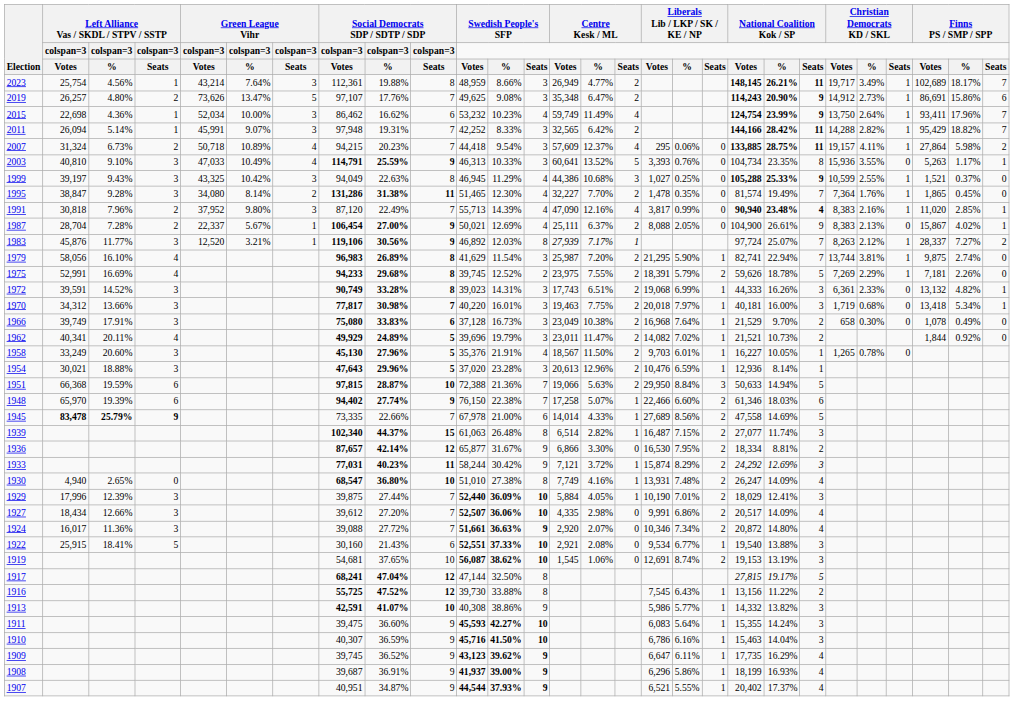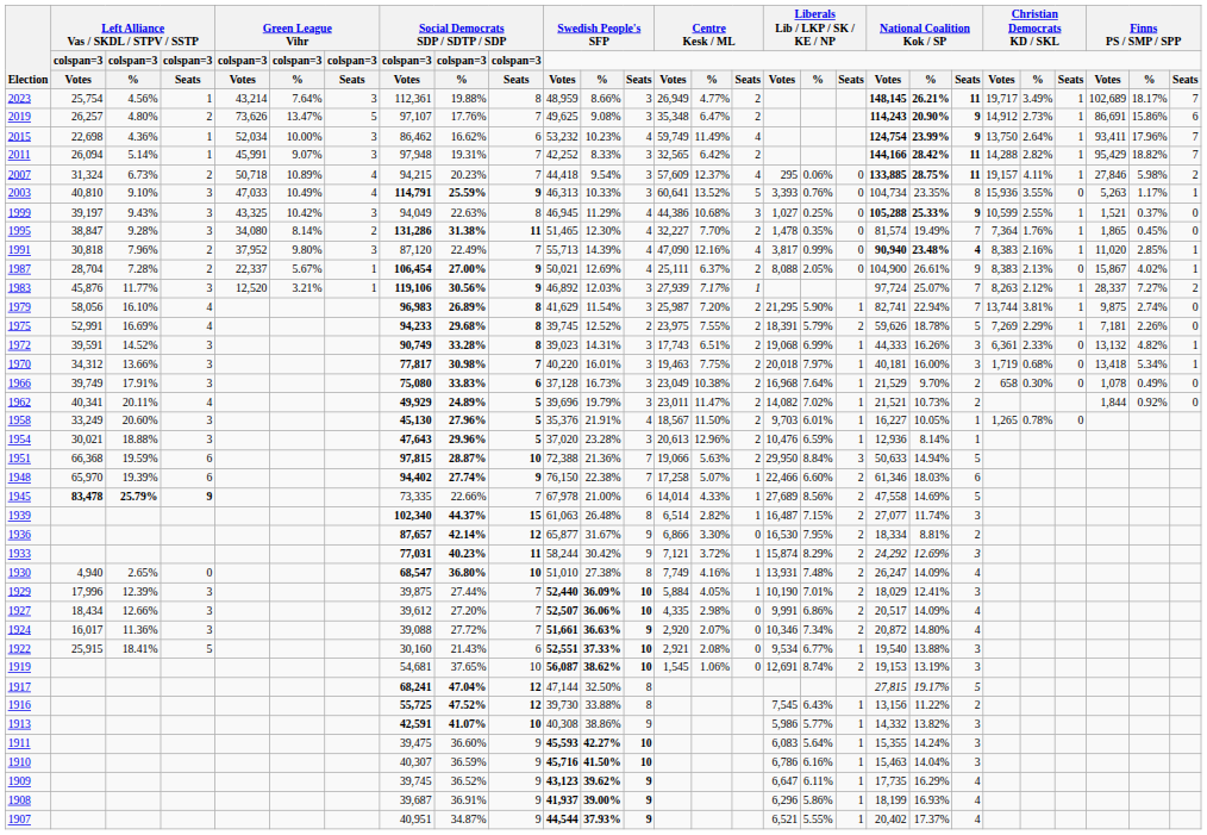 <table class="wikitable" border="1" style="font-size:85%; text-align:right;">
 <tr>
 <th style="text-align:left;" valign=bottom rowspan=3>Election</th>
 <th valign=bottom colspan=3><a href='#'>Left Alliance</a><br>Vas / SKDL / STPV / SSTP</th>
 <th valign=bottom colspan=3><a href='#'>Green League</a><br>Vihr</th>
 <th valign=bottom colspan=3><a href='#'>Social Democrats</a><br>SDP / SDTP / SDP</th>
 <th valign=bottom colspan=3><a href='#'>Swedish People's</a><br>SFP</th>
 <th valign=bottom colspan=3><a href='#'>Centre</a><br>Kesk / ML</th>
 <th valign=bottom colspan=3><a href='#'>Liberals</a><br>Lib / LKP / SK / KE / NP</th>
 <th valign=bottom colspan=3><a href='#'>National Coalition</a><br>Kok / SP</th>
 <th valign=bottom colspan=3><a href='#'>Christian Democrats</a><br>KD / SKL</th>
 <th valign=bottom colspan=3><a href='#'>Finns</a><br>PS / SMP / SPP</th>
 </tr>
 <tr>
 <th>colspan=3 </th>
 <th>colspan=3 </th>
 <th>colspan=3 </th>
 <th>colspan=3 </th>
 <th>colspan=3 </th>
 <th>colspan=3 </th>
 <th>colspan=3 </th>
 <th>colspan=3 </th>
 <th>colspan=3 </th>
 </tr>
 <tr>
 <th>Votes</th>
 <th>%</th>
 <th>Seats</th>
 <th>Votes</th>
 <th>%</th>
 <th>Seats</th>
 <th>Votes</th>
 <th>%</th>
 <th>Seats</th>
 <th>Votes</th>
 <th>%</th>
 <th>Seats</th>
 <th>Votes</th>
 <th>%</th>
 <th>Seats</th>
 <th>Votes</th>
 <th>%</th>
 <th>Seats</th>
 <th>Votes</th>
 <th>%</th>
 <th>Seats</th>
 <th>Votes</th>
 <th>%</th>
 <th>Seats</th>
 <th>Votes</th>
 <th>%</th>
 <th>Seats</th>
 </tr>
 <tr>
 <td align=left><a href='#'>2023</a></td>
 <td>25,754</td>
 <td>4.56%</td>
 <td>1</td>
 <td>43,214</td>
 <td>7.64%</td>
 <td>3</td>
 <td>112,361</td>
 <td>19.88%</td>
 <td>8</td>
 <td>48,959</td>
 <td>8.66%</td>
 <td>3</td>
 <td>26,949</td>
 <td>4.77%</td>
 <td>2</td>
 <td></td>
 <td></td>
 <td></td>
 <td><strong>148,145</strong></td>
 <td><strong>26.21%</strong></td>
 <td><strong>11</strong></td>
 <td>19,717</td>
 <td>3.49%</td>
 <td>1</td>
 <td>102,689</td>
 <td>18.17%</td>
 <td>7</td>
 </tr>
 <tr>
 <td align=left><a href='#'>2019</a></td>
 <td>26,257</td>
 <td>4.80%</td>
 <td>2</td>
 <td>73,626</td>
 <td>13.47%</td>
 <td>5</td>
 <td>97,107</td>
 <td>17.76%</td>
 <td>7</td>
 <td>49,625</td>
 <td>9.08%</td>
 <td>3</td>
 <td>35,348</td>
 <td>6.47%</td>
 <td>2</td>
 <td></td>
 <td></td>
 <td></td>
 <td><strong>114,243</strong></td>
 <td><strong>20.90%</strong></td>
 <td><strong>9</strong></td>
 <td>14,912</td>
 <td>2.73%</td>
 <td>1</td>
 <td>86,691</td>
 <td>15.86%</td>
 <td>6</td>
 </tr>
 <tr>
 <td align=left><a href='#'>2015</a></td>
 <td>22,698</td>
 <td>4.36%</td>
 <td>1</td>
 <td>52,034</td>
 <td>10.00%</td>
 <td>3</td>
 <td>86,462</td>
 <td>16.62%</td>
 <td>6</td>
 <td>53,232</td>
 <td>10.23%</td>
 <td>4</td>
 <td>59,749</td>
 <td>11.49%</td>
 <td>4</td>
 <td></td>
 <td></td>
 <td></td>
 <td><strong>124,754</strong></td>
 <td><strong>23.99%</strong></td>
 <td><strong>9</strong></td>
 <td>13,750</td>
 <td>2.64%</td>
 <td>1</td>
 <td>93,411</td>
 <td>17.96%</td>
 <td>7</td>
 </tr>
 <tr>
 <td align=left><a href='#'>2011</a></td>
 <td>26,094</td>
 <td>5.14%</td>
 <td>1</td>
 <td>45,991</td>
 <td>9.07%</td>
 <td>3</td>
 <td>97,948</td>
 <td>19.31%</td>
 <td>7</td>
 <td>42,252</td>
 <td>8.33%</td>
 <td>3</td>
 <td>32,565</td>
 <td>6.42%</td>
 <td>2</td>
 <td></td>
 <td></td>
 <td></td>
 <td><strong>144,166</strong></td>
 <td><strong>28.42%</strong></td>
 <td><strong>11</strong></td>
 <td>14,288</td>
 <td>2.82%</td>
 <td>1</td>
 <td>95,429</td>
 <td>18.82%</td>
 <td>7</td>
 </tr>
 <tr>
 <td align=left><a href='#'>2007</a></td>
 <td>31,324</td>
 <td>6.73%</td>
 <td>2</td>
 <td>50,718</td>
 <td>10.89%</td>
 <td>4</td>
 <td>94,215</td>
 <td>20.23%</td>
 <td>7</td>
 <td>44,418</td>
 <td>9.54%</td>
 <td>3</td>
 <td>57,609</td>
 <td>12.37%</td>
 <td>4</td>
 <td>295</td>
 <td>0.06%</td>
 <td>0</td>
 <td><strong>133,885</strong></td>
 <td><strong>28.75%</strong></td>
 <td><strong>11</strong></td>
 <td>19,157</td>
 <td>4.11%</td>
 <td>1</td>
-<td>27,864</td>
+<td>27,846</td>
 <td>5.98%</td>
 <td>2</td>
 </tr>
 <tr>
 <td align=left><a href='#'>2003</a></td>
 <td>40,810</td>
 <td>9.10%</td>
 <td>3</td>
 <td>47,033</td>
 <td>10.49%</td>
 <td>4</td>
 <td><strong>114,791</strong></td>
 <td><strong>25.59%</strong></td>
 <td><strong>9</strong></td>
 <td>46,313</td>
 <td>10.33%</td>
 <td>3</td>
 <td>60,641</td>
 <td>13.52%</td>
 <td>5</td>
 <td>3,393</td>
 <td>0.76%</td>
 <td>0</td>
 <td>104,734</td>
 <td>23.35%</td>
 <td>8</td>
 <td>15,936</td>
 <td>3.55%</td>
 <td>0</td>
 <td>5,263</td>
 <td>1.17%</td>
 <td>1</td>
 </tr>
 <tr>
 <td align=left><a href='#'>1999</a></td>
 <td>39,197</td>
 <td>9.43%</td>
 <td>3</td>
 <td>43,325</td>
 <td>10.42%</td>
 <td>3</td>
 <td>94,049</td>
 <td>22.63%</td>
 <td>8</td>
 <td>46,945</td>
 <td>11.29%</td>
 <td>4</td>
 <td>44,386</td>
 <td>10.68%</td>
 <td>3</td>
 <td>1,027</td>
 <td>0.25%</td>
 <td>0</td>
 <td><strong>105,288</strong></td>
 <td><strong>25.33%</strong></td>
 <td><strong>9</strong></td>
 <td>10,599</td>
 <td>2.55%</td>
 <td>1</td>
 <td>1,521</td>
 <td>0.37%</td>
 <td>0</td>
 </tr>
 <tr>
 <td align=left><a href='#'>1995</a></td>
 <td>38,847</td>
 <td>9.28%</td>
 <td>3</td>
 <td>34,080</td>
 <td>8.14%</td>
 <td>2</td>
 <td><strong>131,286</strong></td>
 <td><strong>31.38%</strong></td>
 <td><strong>11</strong></td>
 <td>51,465</td>
 <td>12.30%</td>
 <td>4</td>
 <td>32,227</td>
 <td>7.70%</td>
 <td>2</td>
 <td>1,478</td>
 <td>0.35%</td>
 <td>0</td>
 <td>81,574</td>
 <td>19.49%</td>
 <td>7</td>
 <td>7,364</td>
 <td>1.76%</td>
 <td>1</td>
 <td>1,865</td>
 <td>0.45%</td>
 <td>0</td>
 </tr>
 <tr>
 <td align=left><a href='#'>1991</a></td>
 <td>30,818</td>
 <td>7.96%</td>
 <td>2</td>
 <td>37,952</td>
 <td>9.80%</td>
 <td>3</td>
 <td>87,120</td>
 <td>22.49%</td>
 <td>7</td>
 <td>55,713</td>
 <td>14.39%</td>
 <td>4</td>
 <td>47,090</td>
 <td>12.16%</td>
 <td>4</td>
 <td>3,817</td>
 <td>0.99%</td>
 <td>0</td>
 <td><strong>90,940</strong></td>
 <td><strong>23.48%</strong></td>
 <td><strong>4</strong></td>
 <td>8,383</td>
 <td>2.16%</td>
 <td>1</td>
 <td>11,020</td>
 <td>2.85%</td>
 <td>1</td>
 </tr>
 <tr>
 <td align=left><a href='#'>1987</a></td>
 <td>28,704</td>
 <td>7.28%</td>
 <td>2</td>
 <td>22,337</td>
 <td>5.67%</td>
 <td>1</td>
 <td><strong>106,454</strong></td>
 <td><strong>27.00%</strong></td>
 <td><strong>9</strong></td>
 <td>50,021</td>
 <td>12.69%</td>
 <td>4</td>
 <td>25,111</td>
 <td>6.37%</td>
 <td>2</td>
 <td>8,088</td>
 <td>2.05%</td>
 <td>0</td>
 <td>104,900</td>
 <td>26.61%</td>
 <td>9</td>
 <td>8,383</td>
 <td>2.13%</td>
 <td>0</td>
 <td>15,867</td>
 <td>4.02%</td>
 <td>1</td>
 </tr>
 <tr>
 <td align=left><a href='#'>1983</a></td>
 <td>45,876</td>
 <td>11.77%</td>
 <td>3</td>
 <td>12,520</td>
 <td>3.21%</td>
 <td>1</td>
 <td><strong>119,106</strong></td>
 <td><strong>30.56%</strong></td>
 <td><strong>9</strong></td>
 <td>46,892</td>
 <td>12.03%</td>
-<td>8</td>
+<td>3</td>
 <td><em>27,939</em></td>
 <td><em>7.17%</em></td>
 <td><em>1</em></td>
 <td></td>
 <td></td>
 <td></td>
 <td>97,724</td>
 <td>25.07%</td>
 <td>7</td>
 <td>8,263</td>
 <td>2.12%</td>
 <td>1</td>
 <td>28,337</td>
 <td>7.27%</td>
 <td>2</td>
 </tr>
 <tr>
 <td align=left><a href='#'>1979</a></td>
 <td>58,056</td>
 <td>16.10%</td>
 <td>4</td>
 <td></td>
 <td></td>
 <td></td>
 <td><strong>96,983</strong></td>
 <td><strong>26.89%</strong></td>
 <td><strong>8</strong></td>
 <td>41,629</td>
 <td>11.54%</td>
 <td>3</td>
 <td>25,987</td>
 <td>7.20%</td>
 <td>2</td>
 <td>21,295</td>
 <td>5.90%</td>
 <td>1</td>
 <td>82,741</td>
 <td>22.94%</td>
 <td>7</td>
 <td>13,744</td>
 <td>3.81%</td>
 <td>1</td>
 <td>9,875</td>
 <td>2.74%</td>
 <td>0</td>
 </tr>
 <tr>
 <td align=left><a href='#'>1975</a></td>
 <td>52,991</td>
 <td>16.69%</td>
 <td>4</td>
 <td></td>
 <td></td>
 <td></td>
 <td><strong>94,233</strong></td>
 <td><strong>29.68%</strong></td>
 <td><strong>8</strong></td>
 <td>39,745</td>
 <td>12.52%</td>
 <td>2</td>
 <td>23,975</td>
 <td>7.55%</td>
 <td>2</td>
 <td>18,391</td>
 <td>5.79%</td>
 <td>2</td>
 <td>59,626</td>
 <td>18.78%</td>
 <td>5</td>
 <td>7,269</td>
 <td>2.29%</td>
 <td>1</td>
 <td>7,181</td>
 <td>2.26%</td>
 <td>0</td>
 </tr>
 <tr>
 <td align=left><a href='#'>1972</a></td>
 <td>39,591</td>
 <td>14.52%</td>
 <td>3</td>
 <td></td>
 <td></td>
 <td></td>
 <td><strong>90,749</strong></td>
 <td><strong>33.28%</strong></td>
 <td><strong>8</strong></td>
 <td>39,023</td>
 <td>14.31%</td>
 <td>3</td>
 <td>17,743</td>
 <td>6.51%</td>
 <td>2</td>
 <td>19,068</td>
 <td>6.99%</td>
 <td>1</td>
 <td>44,333</td>
 <td>16.26%</td>
 <td>3</td>
 <td>6,361</td>
 <td>2.33%</td>
 <td>0</td>
 <td>13,132</td>
 <td>4.82%</td>
 <td>1</td>
 </tr>
 <tr>
 <td align=left><a href='#'>1970</a></td>
 <td>34,312</td>
 <td>13.66%</td>
 <td>3</td>
 <td></td>
 <td></td>
 <td></td>
 <td><strong>77,817</strong></td>
 <td><strong>30.98%</strong></td>
 <td><strong>7</strong></td>
 <td>40,220</td>
 <td>16.01%</td>
 <td>3</td>
 <td>19,463</td>
 <td>7.75%</td>
 <td>2</td>
 <td>20,018</td>
 <td>7.97%</td>
 <td>1</td>
 <td>40,181</td>
 <td>16.00%</td>
 <td>3</td>
 <td>1,719</td>
 <td>0.68%</td>
 <td>0</td>
 <td>13,418</td>
 <td>5.34%</td>
 <td>1</td>
 </tr>
 <tr>
 <td align=left><a href='#'>1966</a></td>
 <td>39,749</td>
 <td>17.91%</td>
 <td>3</td>
 <td></td>
 <td></td>
 <td></td>
 <td><strong>75,080</strong></td>
 <td><strong>33.83%</strong></td>
 <td><strong>6</strong></td>
 <td>37,128</td>
 <td>16.73%</td>
 <td>3</td>
 <td>23,049</td>
 <td>10.38%</td>
 <td>2</td>
 <td>16,968</td>
 <td>7.64%</td>
 <td>1</td>
 <td>21,529</td>
 <td>9.70%</td>
 <td>2</td>
 <td>658</td>
 <td>0.30%</td>
 <td>0</td>
 <td>1,078</td>
 <td>0.49%</td>
 <td>0</td>
 </tr>
 <tr>
 <td align=left><a href='#'>1962</a></td>
 <td>40,341</td>
 <td>20.11%</td>
 <td>4</td>
 <td></td>
 <td></td>
 <td></td>
 <td><strong>49,929</strong></td>
 <td><strong>24.89%</strong></td>
 <td><strong>5</strong></td>
 <td>39,696</td>
 <td>19.79%</td>
 <td>3</td>
 <td>23,011</td>
 <td>11.47%</td>
 <td>2</td>
 <td>14,082</td>
 <td>7.02%</td>
 <td>1</td>
 <td>21,521</td>
 <td>10.73%</td>
 <td>2</td>
 <td></td>
 <td></td>
 <td></td>
 <td>1,844</td>
 <td>0.92%</td>
 <td>0</td>
 </tr>
 <tr>
 <td align=left><a href='#'>1958</a></td>
 <td>33,249</td>
 <td>20.60%</td>
 <td>3</td>
 <td></td>
 <td></td>
 <td></td>
 <td><strong>45,130</strong></td>
 <td><strong>27.96%</strong></td>
 <td><strong>5</strong></td>
 <td>35,376</td>
 <td>21.91%</td>
 <td>4</td>
 <td>18,567</td>
 <td>11.50%</td>
 <td>2</td>
 <td>9,703</td>
 <td>6.01%</td>
 <td>1</td>
 <td>16,227</td>
 <td>10.05%</td>
 <td>1</td>
 <td>1,265</td>
 <td>0.78%</td>
 <td>0</td>
 <td></td>
 <td></td>
 <td></td>
 </tr>
 <tr>
 <td align=left><a href='#'>1954</a></td>
 <td>30,021</td>
 <td>18.88%</td>
 <td>3</td>
 <td></td>
 <td></td>
 <td></td>
 <td><strong>47,643</strong></td>
 <td><strong>29.96%</strong></td>
 <td><strong>5</strong></td>
 <td>37,020</td>
 <td>23.28%</td>
 <td>3</td>
 <td>20,613</td>
 <td>12.96%</td>
 <td>2</td>
 <td>10,476</td>
 <td>6.59%</td>
 <td>1</td>
 <td>12,936</td>
 <td>8.14%</td>
 <td>1</td>
 <td></td>
 <td></td>
 <td></td>
 <td></td>
 <td></td>
 <td></td>
 </tr>
 <tr>
 <td align=left><a href='#'>1951</a></td>
 <td>66,368</td>
 <td>19.59%</td>
 <td>6</td>
 <td></td>
 <td></td>
 <td></td>
 <td><strong>97,815</strong></td>
 <td><strong>28.87%</strong></td>
 <td><strong>10</strong></td>
 <td>72,388</td>
 <td>21.36%</td>
 <td>7</td>
 <td>19,066</td>
 <td>5.63%</td>
 <td>2</td>
 <td>29,950</td>
 <td>8.84%</td>
 <td>3</td>
 <td>50,633</td>
 <td>14.94%</td>
 <td>5</td>
 <td></td>
 <td></td>
 <td></td>
 <td></td>
 <td></td>
 <td></td>
 </tr>
 <tr>
 <td align=left><a href='#'>1948</a></td>
 <td>65,970</td>
 <td>19.39%</td>
 <td>6</td>
 <td></td>
 <td></td>
 <td></td>
 <td><strong>94,402</strong></td>
 <td><strong>27.74%</strong></td>
 <td><strong>9</strong></td>
 <td>76,150</td>
 <td>22.38%</td>
 <td>7</td>
 <td>17,258</td>
 <td>5.07%</td>
 <td>1</td>
 <td>22,466</td>
 <td>6.60%</td>
 <td>2</td>
 <td>61,346</td>
 <td>18.03%</td>
 <td>6</td>
 <td></td>
 <td></td>
 <td></td>
 <td></td>
 <td></td>
 <td></td>
 </tr>
 <tr>
 <td align=left><a href='#'>1945</a></td>
 <td><strong>83,478</strong></td>
 <td><strong>25.79%</strong></td>
 <td><strong>9</strong></td>
 <td></td>
 <td></td>
 <td></td>
 <td>73,335</td>
 <td>22.66%</td>
 <td>7</td>
 <td>67,978</td>
 <td>21.00%</td>
 <td>6</td>
 <td>14,014</td>
 <td>4.33%</td>
 <td>1</td>
 <td>27,689</td>
 <td>8.56%</td>
 <td>2</td>
 <td>47,558</td>
 <td>14.69%</td>
 <td>5</td>
 <td></td>
 <td></td>
 <td></td>
 <td></td>
 <td></td>
 <td></td>
 </tr>
 <tr>
 <td align=left><a href='#'>1939</a></td>
 <td></td>
 <td></td>
 <td></td>
 <td></td>
 <td></td>
 <td></td>
 <td><strong>102,340</strong></td>
 <td><strong>44.37%</strong></td>
 <td><strong>15</strong></td>
 <td>61,063</td>
 <td>26.48%</td>
 <td>8</td>
 <td>6,514</td>
 <td>2.82%</td>
 <td>1</td>
 <td>16,487</td>
 <td>7.15%</td>
 <td>2</td>
 <td>27,077</td>
 <td>11.74%</td>
 <td>3</td>
 <td></td>
 <td></td>
 <td></td>
 <td></td>
 <td></td>
 <td></td>
 </tr>
 <tr>
 <td align=left><a href='#'>1936</a></td>
 <td></td>
 <td></td>
 <td></td>
 <td></td>
 <td></td>
 <td></td>
 <td><strong>87,657</strong></td>
 <td><strong>42.14%</strong></td>
 <td><strong>12</strong></td>
 <td>65,877</td>
 <td>31.67%</td>
 <td>9</td>
 <td>6,866</td>
 <td>3.30%</td>
 <td>0</td>
 <td>16,530</td>
 <td>7.95%</td>
 <td>2</td>
 <td>18,334</td>
 <td>8.81%</td>
 <td>2</td>
 <td></td>
 <td></td>
 <td></td>
 <td></td>
 <td></td>
 <td></td>
 </tr>
 <tr>
 <td align=left><a href='#'>1933</a></td>
 <td></td>
 <td></td>
 <td></td>
 <td></td>
 <td></td>
 <td></td>
 <td><strong>77,031</strong></td>
 <td><strong>40.23%</strong></td>
 <td><strong>11</strong></td>
 <td>58,244</td>
 <td>30.42%</td>
 <td>9</td>
 <td>7,121</td>
 <td>3.72%</td>
 <td>1</td>
 <td>15,874</td>
 <td>8.29%</td>
 <td>2</td>
 <td><em>24,292</em></td>
 <td><em>12.69%</em></td>
 <td><em>3</em></td>
 <td></td>
 <td></td>
 <td></td>
 <td></td>
 <td></td>
 <td></td>
 </tr>
 <tr>
 <td align=left><a href='#'>1930</a></td>
 <td>4,940</td>
 <td>2.65%</td>
 <td>0</td>
 <td></td>
 <td></td>
 <td></td>
 <td><strong>68,547</strong></td>
 <td><strong>36.80%</strong></td>
 <td><strong>10</strong></td>
 <td>51,010</td>
 <td>27.38%</td>
 <td>8</td>
 <td>7,749</td>
 <td>4.16%</td>
 <td>1</td>
 <td>13,931</td>
 <td>7.48%</td>
 <td>2</td>
 <td>26,247</td>
 <td>14.09%</td>
 <td>4</td>
 <td></td>
 <td></td>
 <td></td>
 <td></td>
 <td></td>
 <td></td>
 </tr>
 <tr>
 <td align=left><a href='#'>1929</a></td>
 <td>17,996</td>
 <td>12.39%</td>
 <td>3</td>
 <td></td>
 <td></td>
 <td></td>
 <td>39,875</td>
 <td>27.44%</td>
 <td>7</td>
 <td><strong>52,440</strong></td>
 <td><strong>36.09%</strong></td>
 <td><strong>10</strong></td>
 <td>5,884</td>
 <td>4.05%</td>
 <td>1</td>
 <td>10,190</td>
 <td>7.01%</td>
 <td>2</td>
 <td>18,029</td>
 <td>12.41%</td>
 <td>3</td>
 <td></td>
 <td></td>
 <td></td>
 <td></td>
 <td></td>
 <td></td>
 </tr>
 <tr>
 <td align=left><a href='#'>1927</a></td>
 <td>18,434</td>
 <td>12.66%</td>
 <td>3</td>
 <td></td>
 <td></td>
 <td></td>
 <td>39,612</td>
 <td>27.20%</td>
 <td>7</td>
 <td><strong>52,507</strong></td>
 <td><strong>36.06%</strong></td>
 <td><strong>10</strong></td>
 <td>4,335</td>
 <td>2.98%</td>
 <td>0</td>
 <td>9,991</td>
 <td>6.86%</td>
 <td>2</td>
 <td>20,517</td>
 <td>14.09%</td>
 <td>4</td>
 <td></td>
 <td></td>
 <td></td>
 <td></td>
 <td></td>
 <td></td>
 </tr>
 <tr>
 <td align=left><a href='#'>1924</a></td>
 <td>16,017</td>
 <td>11.36%</td>
 <td>3</td>
 <td></td>
 <td></td>
 <td></td>
 <td>39,088</td>
 <td>27.72%</td>
 <td>7</td>
 <td><strong>51,661</strong></td>
 <td><strong>36.63%</strong></td>
 <td><strong>9</strong></td>
 <td>2,920</td>
 <td>2.07%</td>
 <td>0</td>
 <td>10,346</td>
 <td>7.34%</td>
 <td>2</td>
 <td>20,872</td>
 <td>14.80%</td>
 <td>4</td>
 <td></td>
 <td></td>
 <td></td>
 <td></td>
 <td></td>
 <td></td>
 </tr>
 <tr>
 <td align=left><a href='#'>1922</a></td>
 <td>25,915</td>
 <td>18.41%</td>
 <td>5</td>
 <td></td>
 <td></td>
 <td></td>
 <td>30,160</td>
 <td>21.43%</td>
 <td>6</td>
 <td><strong>52,551</strong></td>
 <td><strong>37.33%</strong></td>
 <td><strong>10</strong></td>
 <td>2,921</td>
 <td>2.08%</td>
 <td>0</td>
 <td>9,534</td>
 <td>6.77%</td>
 <td>1</td>
 <td>19,540</td>
 <td>13.88%</td>
 <td>3</td>
 <td></td>
 <td></td>
 <td></td>
 <td></td>
 <td></td>
 <td></td>
 </tr>
 <tr>
 <td align=left><a href='#'>1919</a></td>
 <td></td>
 <td></td>
 <td></td>
 <td></td>
 <td></td>
 <td></td>
 <td>54,681</td>
 <td>37.65%</td>
 <td>10</td>
 <td><strong>56,087</strong></td>
 <td><strong>38.62%</strong></td>
 <td><strong>10</strong></td>
 <td>1,545</td>
 <td>1.06%</td>
 <td>0</td>
 <td>12,691</td>
 <td>8.74%</td>
 <td>2</td>
 <td>19,153</td>
 <td>13.19%</td>
 <td>3</td>
 <td></td>
 <td></td>
 <td></td>
 <td></td>
 <td></td>
 <td></td>
 </tr>
 <tr>
 <td align=left><a href='#'>1917</a></td>
 <td></td>
 <td></td>
 <td></td>
 <td></td>
 <td></td>
 <td></td>
 <td><strong>68,241</strong></td>
 <td><strong>47.04%</strong></td>
 <td><strong>12</strong></td>
 <td>47,144</td>
 <td>32.50%</td>
 <td>8</td>
 <td></td>
 <td></td>
 <td></td>
 <td></td>
 <td></td>
 <td></td>
 <td><em>27,815</em></td>
 <td><em>19.17%</em></td>
 <td><em>5</em></td>
 <td></td>
 <td></td>
 <td></td>
 <td></td>
 <td></td>
 <td></td>
 </tr>
 <tr>
 <td align=left><a href='#'>1916</a></td>
 <td></td>
 <td></td>
 <td></td>
 <td></td>
 <td></td>
 <td></td>
 <td><strong>55,725</strong></td>
 <td><strong>47.52%</strong></td>
 <td><strong>12</strong></td>
 <td>39,730</td>
 <td>33.88%</td>
 <td>8</td>
 <td></td>
 <td></td>
 <td></td>
 <td>7,545</td>
 <td>6.43%</td>
 <td>1</td>
 <td>13,156</td>
 <td>11.22%</td>
 <td>2</td>
 <td></td>
 <td></td>
 <td></td>
 <td></td>
 <td></td>
 <td></td>
 </tr>
 <tr>
 <td align=left><a href='#'>1913</a></td>
 <td></td>
 <td></td>
 <td></td>
 <td></td>
 <td></td>
 <td></td>
 <td><strong>42,591</strong></td>
 <td><strong>41.07%</strong></td>
 <td><strong>10</strong></td>
 <td>40,308</td>
 <td>38.86%</td>
 <td>9</td>
 <td></td>
 <td></td>
 <td></td>
 <td>5,986</td>
 <td>5.77%</td>
 <td>1</td>
 <td>14,332</td>
 <td>13.82%</td>
 <td>3</td>
 <td></td>
 <td></td>
 <td></td>
 <td></td>
 <td></td>
 <td></td>
 </tr>
 <tr>
 <td align=left><a href='#'>1911</a></td>
 <td></td>
 <td></td>
 <td></td>
 <td></td>
 <td></td>
 <td></td>
 <td>39,475</td>
 <td>36.60%</td>
 <td>9</td>
 <td><strong>45,593</strong></td>
 <td><strong>42.27%</strong></td>
 <td><strong>10</strong></td>
 <td></td>
 <td></td>
 <td></td>
 <td>6,083</td>
 <td>5.64%</td>
 <td>1</td>
 <td>15,355</td>
 <td>14.24%</td>
 <td>3</td>
 <td></td>
 <td></td>
 <td></td>
 <td></td>
 <td></td>
 <td></td>
 </tr>
 <tr>
 <td align=left><a href='#'>1910</a></td>
 <td></td>
 <td></td>
 <td></td>
 <td></td>
 <td></td>
 <td></td>
 <td>40,307</td>
 <td>36.59%</td>
 <td>9</td>
 <td><strong>45,716</strong></td>
 <td><strong>41.50%</strong></td>
 <td><strong>10</strong></td>
 <td></td>
 <td></td>
 <td></td>
 <td>6,786</td>
 <td>6.16%</td>
 <td>1</td>
 <td>15,463</td>
 <td>14.04%</td>
 <td>3</td>
 <td></td>
 <td></td>
 <td></td>
 <td></td>
 <td></td>
 <td></td>
 </tr>
 <tr>
 <td align=left><a href='#'>1909</a></td>
 <td></td>
 <td></td>
 <td></td>
 <td></td>
 <td></td>
 <td></td>
 <td>39,745</td>
 <td>36.52%</td>
 <td>9</td>
 <td><strong>43,123</strong></td>
 <td><strong>39.62%</strong></td>
 <td><strong>9</strong></td>
 <td></td>
 <td></td>
 <td></td>
 <td>6,647</td>
 <td>6.11%</td>
 <td>1</td>
 <td>17,735</td>
 <td>16.29%</td>
 <td>4</td>
 <td></td>
 <td></td>
 <td></td>
 <td></td>
 <td></td>
 <td></td>
 </tr>
 <tr>
 <td align=left><a href='#'>1908</a></td>
 <td></td>
 <td></td>
 <td></td>
 <td></td>
 <td></td>
 <td></td>
 <td>39,687</td>
 <td>36.91%</td>
 <td>9</td>
 <td><strong>41,937</strong></td>
 <td><strong>39.00%</strong></td>
 <td><strong>9</strong></td>
 <td></td>
 <td></td>
 <td></td>
 <td>6,296</td>
 <td>5.86%</td>
 <td>1</td>
 <td>18,199</td>
 <td>16.93%</td>
 <td>4</td>
 <td></td>
 <td></td>
 <td></td>
 <td></td>
 <td></td>
 <td></td>
 </tr>
 <tr>
 <td align=left><a href='#'>1907</a></td>
 <td></td>
 <td></td>
 <td></td>
 <td></td>
 <td></td>
 <td></td>
 <td>40,951</td>
 <td>34.87%</td>
 <td>9</td>
 <td><strong>44,544</strong></td>
 <td><strong>37.93%</strong></td>
 <td><strong>9</strong></td>
 <td></td>
 <td></td>
 <td></td>
 <td>6,521</td>
 <td>5.55%</td>
 <td>1</td>
 <td>20,402</td>
 <td>17.37%</td>
 <td>4</td>
 <td></td>
 <td></td>
 <td></td>
 <td></td>
 <td></td>
 <td></td>
 </tr>
 </table>
